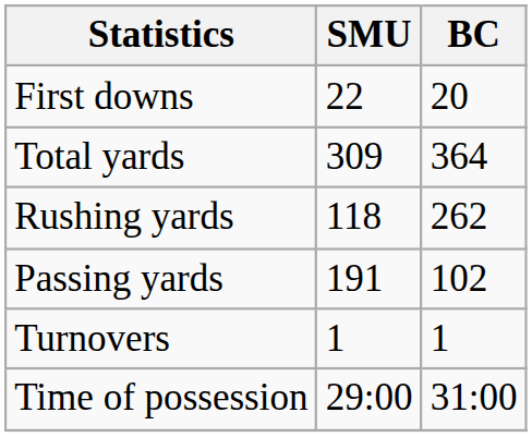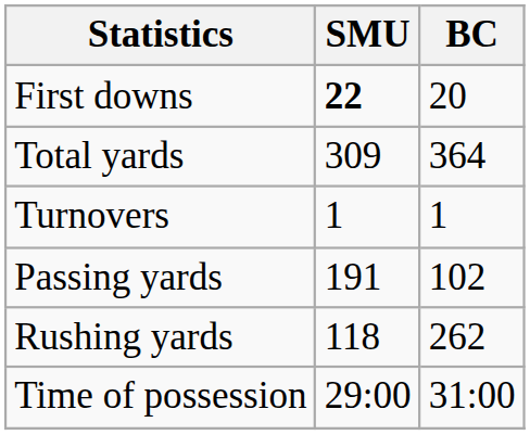 <table class="wikitable" style="float: left;">
 <tr>
 <th>Statistics</th>
 <th>SMU</th>
 <th>BC</th>
 </tr>
 <tr>
 <td>First downs</td>
-<td>22</td>
+<td><strong>22</strong></td>
 <td>20</td>
 </tr>
 <tr>
 <td>Total yards</td>
 <td>309</td>
 <td>364</td>
 </tr>
 <tr>
-<td>Rushing yards</td>
-<td>118</td>
-<td>262</td>
+<td>Turnovers</td>
+<td>1</td>
+<td>1</td>
 </tr>
 <tr>
 <td>Passing yards</td>
 <td>191</td>
 <td>102</td>
 </tr>
 <tr>
-<td>Turnovers</td>
-<td>1</td>
-<td>1</td>
+<td>Rushing yards</td>
+<td>118</td>
+<td>262</td>
 </tr>
 <tr>
 <td>Time of possession</td>
 <td>29:00</td>
 <td>31:00</td>
 </tr>
 <tr>
 </tr>
 </table>
